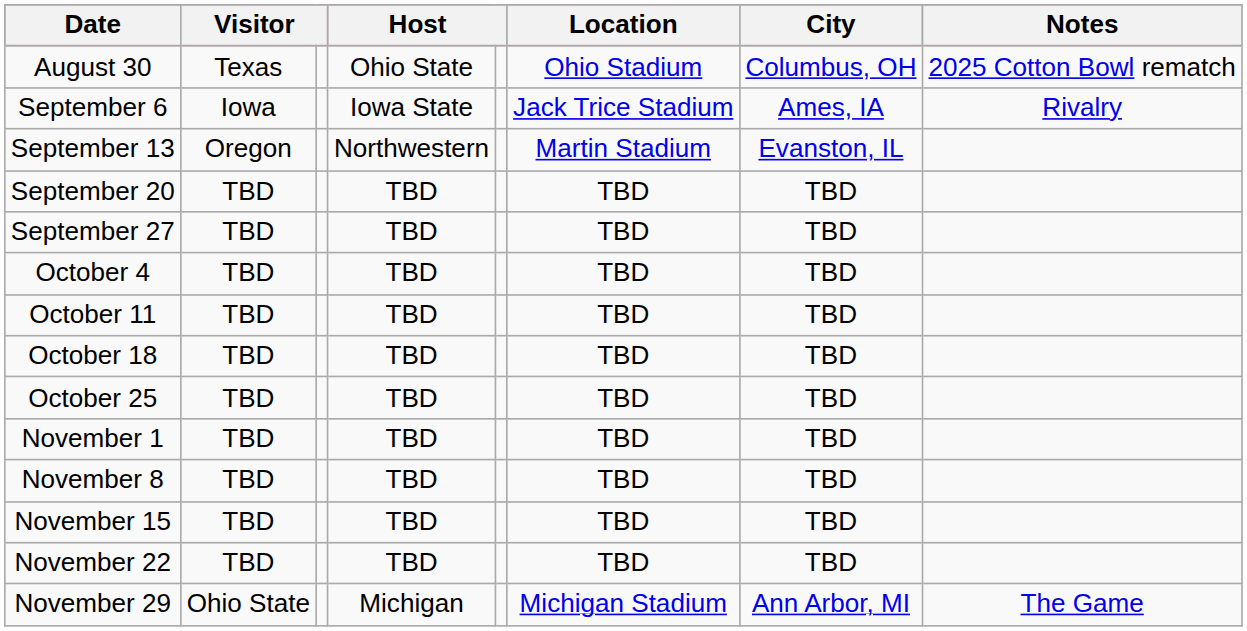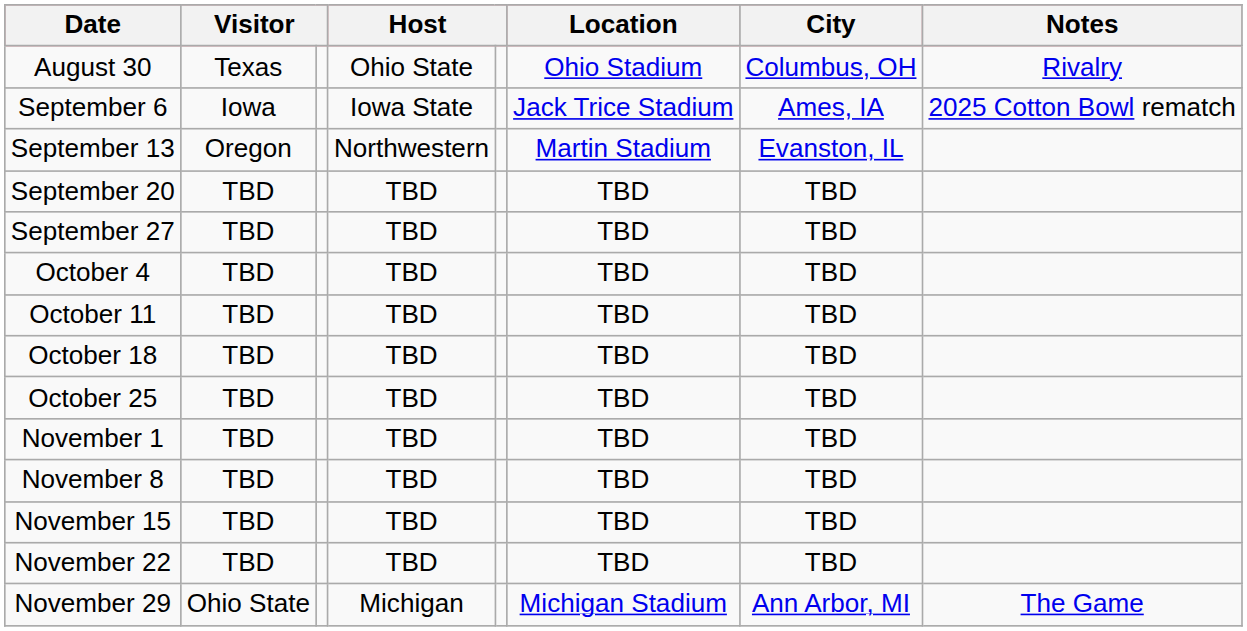 <table class="wikitable" style="text-align:center">
 <tr style="background:#A32638;"|>
 <th>Date</th>
 <th colspan=2>Visitor</th>
 <th colspan=2>Host</th>
 <th>Location</th>
 <th>City</th>
 <th>Notes</th>
 </tr>
 <tr>
 <td>August 30</td>
 <td>Texas</td>
 <td></td>
 <td>Ohio State</td>
 <td></td>
 <td><a href='#'>Ohio Stadium</a></td>
 <td><a href='#'>Columbus, OH</a></td>
-<td><a href='#'>2025 Cotton Bowl</a> rematch</td>
+<td><a href='#'>Rivalry</a></td>
 </tr>
 <tr>
 <td>September 6</td>
 <td>Iowa</td>
 <td></td>
 <td>Iowa State</td>
 <td></td>
 <td><a href='#'>Jack Trice Stadium</a></td>
 <td><a href='#'>Ames, IA</a></td>
-<td><a href='#'>Rivalry</a></td>
+<td><a href='#'>2025 Cotton Bowl</a> rematch</td>
 </tr>
 <tr>
 <td>September 13</td>
 <td>Oregon</td>
 <td></td>
 <td>Northwestern</td>
 <td></td>
 <td><a href='#'>Martin Stadium</a></td>
 <td><a href='#'>Evanston, IL</a></td>
 <td></td>
 </tr>
 <tr>
 <td>September 20</td>
 <td>TBD</td>
 <td></td>
 <td>TBD</td>
 <td></td>
 <td>TBD</td>
 <td>TBD</td>
 <td></td>
 </tr>
 <tr>
 <td>September 27</td>
 <td>TBD</td>
 <td></td>
 <td>TBD</td>
 <td></td>
 <td>TBD</td>
 <td>TBD</td>
 <td></td>
 </tr>
 <tr>
 <td>October 4</td>
 <td>TBD</td>
 <td></td>
 <td>TBD</td>
 <td></td>
 <td>TBD</td>
 <td>TBD</td>
 <td></td>
 </tr>
 <tr>
 <td>October 11</td>
 <td>TBD</td>
 <td></td>
 <td>TBD</td>
 <td></td>
 <td>TBD</td>
 <td>TBD</td>
 <td></td>
 </tr>
 <tr>
 <td>October 18</td>
 <td>TBD</td>
 <td></td>
 <td>TBD</td>
 <td></td>
 <td>TBD</td>
 <td>TBD</td>
 <td></td>
 </tr>
 <tr>
 <td>October 25</td>
 <td>TBD</td>
 <td></td>
 <td>TBD</td>
 <td></td>
 <td>TBD</td>
 <td>TBD</td>
 <td></td>
 </tr>
 <tr>
 <td>November 1</td>
 <td>TBD</td>
 <td></td>
 <td>TBD</td>
 <td></td>
 <td>TBD</td>
 <td>TBD</td>
 <td></td>
 </tr>
 <tr>
 <td>November 8</td>
 <td>TBD</td>
 <td></td>
 <td>TBD</td>
 <td></td>
 <td>TBD</td>
 <td>TBD</td>
 <td></td>
 </tr>
 <tr>
 <td>November 15</td>
 <td>TBD</td>
 <td></td>
 <td>TBD</td>
 <td></td>
 <td>TBD</td>
 <td>TBD</td>
 <td></td>
 </tr>
 <tr>
 <td>November 22</td>
 <td>TBD</td>
 <td></td>
 <td>TBD</td>
 <td></td>
 <td>TBD</td>
 <td>TBD</td>
 <td></td>
 </tr>
 <tr>
 <td>November 29</td>
 <td>Ohio State</td>
 <td></td>
 <td>Michigan</td>
 <td></td>
 <td><a href='#'>Michigan Stadium</a></td>
 <td><a href='#'>Ann Arbor, MI</a></td>
 <td><a href='#'>The Game</a></td>
 </tr>
 </table>
